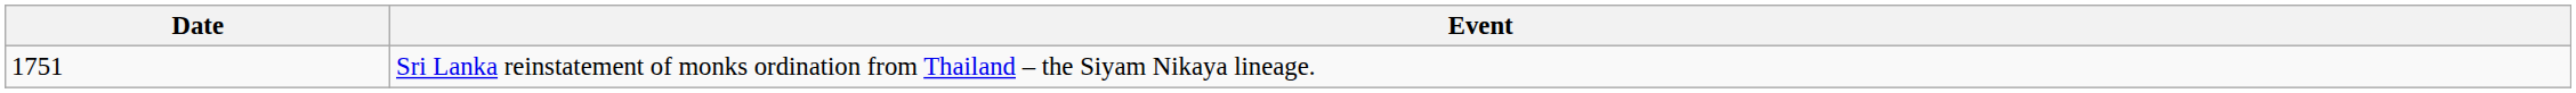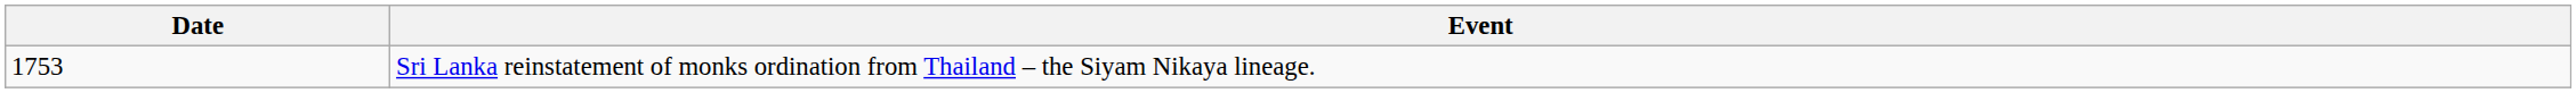 <table class="wikitable" width="100%">
 <tr>
 <th style="width:15%">Date</th>
 <th>Event</th>
 </tr>
 <tr>
-<td>1751</td>
+<td>1753</td>
 <td><a href='#'>Sri Lanka</a> reinstatement of monks ordination from <a href='#'>Thailand</a> – the Siyam Nikaya lineage.</td>
 </tr>
 </table>
